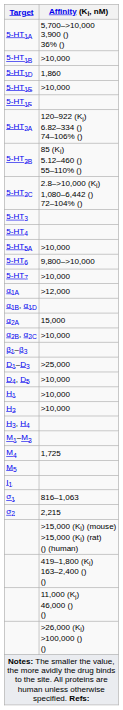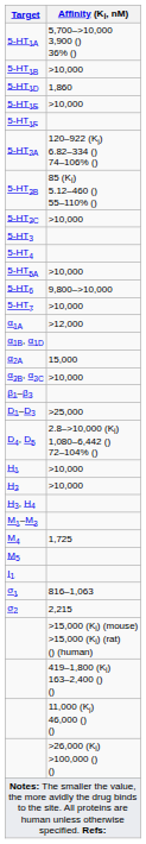 <table class="wikitable floatleft" style="font-size:small;">
 <tr>
 <th><a href='#'>Target</a></th>
 <th><a href='#'>Affinity</a> (K<sub>i</sub>, nM)</th>
 </tr>
 <tr>
 <td><a href='#'>5-HT<sub>1A</sub></a></td>
 <td>5,700–>10,000<br>3,900 ()<br>36% ()</td>
 </tr>
 <tr>
 <td><a href='#'>5-HT<sub>1B</sub></a></td>
 <td>>10,000</td>
 </tr>
 <tr>
 <td><a href='#'>5-HT<sub>1D</sub></a></td>
 <td>1,860</td>
 </tr>
 <tr>
 <td><a href='#'>5-HT<sub>1E</sub></a></td>
 <td>>10,000</td>
 </tr>
 <tr>
 <td><a href='#'>5-HT<sub>1F</sub></a></td>
 <td></td>
 </tr>
 <tr>
 <td><a href='#'>5-HT<sub>2A</sub></a></td>
 <td>120–922 (K<sub>i</sub>)<br>6.82–334 ()<br>74–106% ()</td>
 </tr>
 <tr>
 <td><a href='#'>5-HT<sub>2B</sub></a></td>
 <td>85 (K<sub>i</sub>)<br>5.12–460 ()<br>55–110% ()</td>
 </tr>
 <tr>
 <td><a href='#'>5-HT<sub>2C</sub></a></td>
-<td>2.8–>10,000 (K<sub>i</sub>)<br>1,080–6,442 ()<br>72–104% ()</td>
+<td>>10,000</td>
 </tr>
 <tr>
 <td><a href='#'>5-HT<sub>3</sub></a></td>
 <td></td>
 </tr>
 <tr>
 <td><a href='#'>5-HT<sub>4</sub></a></td>
 <td></td>
 </tr>
 <tr>
 <td><a href='#'>5-HT<sub>5A</sub></a></td>
 <td>>10,000</td>
 </tr>
 <tr>
 <td><a href='#'>5-HT<sub>6</sub></a></td>
 <td>9,800–>10,000</td>
 </tr>
 <tr>
 <td><a href='#'>5-HT<sub>7</sub></a></td>
 <td>>10,000</td>
 </tr>
 <tr>
 <td><a href='#'>α<sub>1A</sub></a></td>
 <td>>12,000</td>
 </tr>
 <tr>
 <td><a href='#'>α<sub>1B</sub></a>, <a href='#'>α<sub>1D</sub></a></td>
 <td></td>
 </tr>
 <tr>
 <td><a href='#'>α<sub>2A</sub></a></td>
 <td>15,000</td>
 </tr>
 <tr>
 <td><a href='#'>α<sub>2B</sub></a>, <a href='#'>α<sub>2C</sub></a></td>
 <td>>10,000</td>
 </tr>
 <tr>
 <td><a href='#'>β<sub>1</sub></a>–<a href='#'>β<sub>3</sub></a></td>
 <td></td>
 </tr>
 <tr>
 <td><a href='#'>D<sub>1</sub></a>–<a href='#'>D<sub>3</sub></a></td>
 <td>>25,000</td>
 </tr>
 <tr>
 <td><a href='#'>D<sub>4</sub></a>, <a href='#'>D<sub>5</sub></a></td>
-<td>>10,000</td>
+<td>2.8–>10,000 (K<sub>i</sub>)<br>1,080–6,442 ()<br>72–104% ()</td>
 </tr>
 <tr>
 <td><a href='#'>H<sub>1</sub></a></td>
 <td>>10,000</td>
 </tr>
 <tr>
 <td><a href='#'>H<sub>2</sub></a></td>
 <td>>10,000</td>
 </tr>
 <tr>
 <td><a href='#'>H<sub>3</sub></a>, <a href='#'>H<sub>4</sub></a></td>
 <td></td>
 </tr>
 <tr>
 <td><a href='#'>M<sub>1</sub></a>–<a href='#'>M<sub>3</sub></a></td>
 <td></td>
 </tr>
 <tr>
 <td><a href='#'>M<sub>4</sub></a></td>
 <td>1,725</td>
 </tr>
 <tr>
 <td><a href='#'>M<sub>5</sub></a></td>
 <td></td>
 </tr>
 <tr>
 <td><a href='#'>I<sub>1</sub></a></td>
 <td></td>
 </tr>
 <tr>
 <td><a href='#'>σ<sub>1</sub></a></td>
 <td>816–1,063</td>
 </tr>
 <tr>
 <td><a href='#'>σ<sub>2</sub></a></td>
 <td>2,215</td>
 </tr>
 <tr>
 <td></td>
 <td>>15,000 (K<sub>i</sub>) (mouse)<br>>15,000 (K<sub>i</sub>) (rat)<br> () (human)</td>
 </tr>
 <tr>
 <td></td>
 <td>419–1,800 (K<sub>i</sub>)<br>163–2,400 ()<br> ()</td>
 </tr>
 <tr>
 <td></td>
 <td>11,000 (K<sub>i</sub>)<br>46,000 ()<br> ()</td>
 </tr>
 <tr>
 <td></td>
 <td>>26,000 (K<sub>i</sub>)<br>>100,000 ()<br> ()</td>
 </tr>
 <tr class="sortbottom">
 <td colspan="2" style="width: 1px; background-color:#eaecf0; text-align: center;"><strong>Notes:</strong> The smaller the value, the more avidly the drug binds to the site. All proteins are human unless otherwise specified. <strong>Refs:</strong> </td>
 </tr>
 </table>
